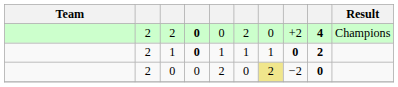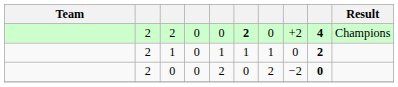 <table class="wikitable" style="text-align:center;">
 <tr>
 <th width=165>Team</th>
 <th width=25></th>
 <th width=25></th>
 <th width=25></th>
 <th width=25></th>
 <th width=25></th>
 <th width=25></th>
 <th width=25></th>
 <th width=25></th>
 <th>Result</th>
 </tr>
 <tr bgcolor="#ccffcc">
 <td style="text-align:left;"></td>
 <td>2</td>
 <td>2</td>
-<td><strong>0</strong></td>
 <td>0</td>
-<td>2</td>
+<td>0</td>
+<td><strong>2</strong></td>
 <td>0</td>
 <td>+2</td>
 <td><strong>4</strong></td>
 <td>Champions</td>
 </tr>
 <tr>
 <td style="text-align:left;"></td>
 <td>2</td>
 <td>1</td>
-<td><strong>0</strong></td>
+<td>0</td>
 <td>1</td>
 <td>1</td>
 <td>1</td>
-<td><strong>0</strong></td>
+<td>0</td>
 <td><strong>2</strong></td>
 <td></td>
 </tr>
 <tr>
 <td style="text-align:left;"></td>
 <td>2</td>
 <td>0</td>
 <td>0</td>
 <td>2</td>
 <td>0</td>
-<td style="background: khaki;">2</td>
+<td>2</td>
 <td>−2</td>
 <td><strong>0</strong></td>
 <td></td>
 </tr>
 <tr>
 </tr>
 </table>
